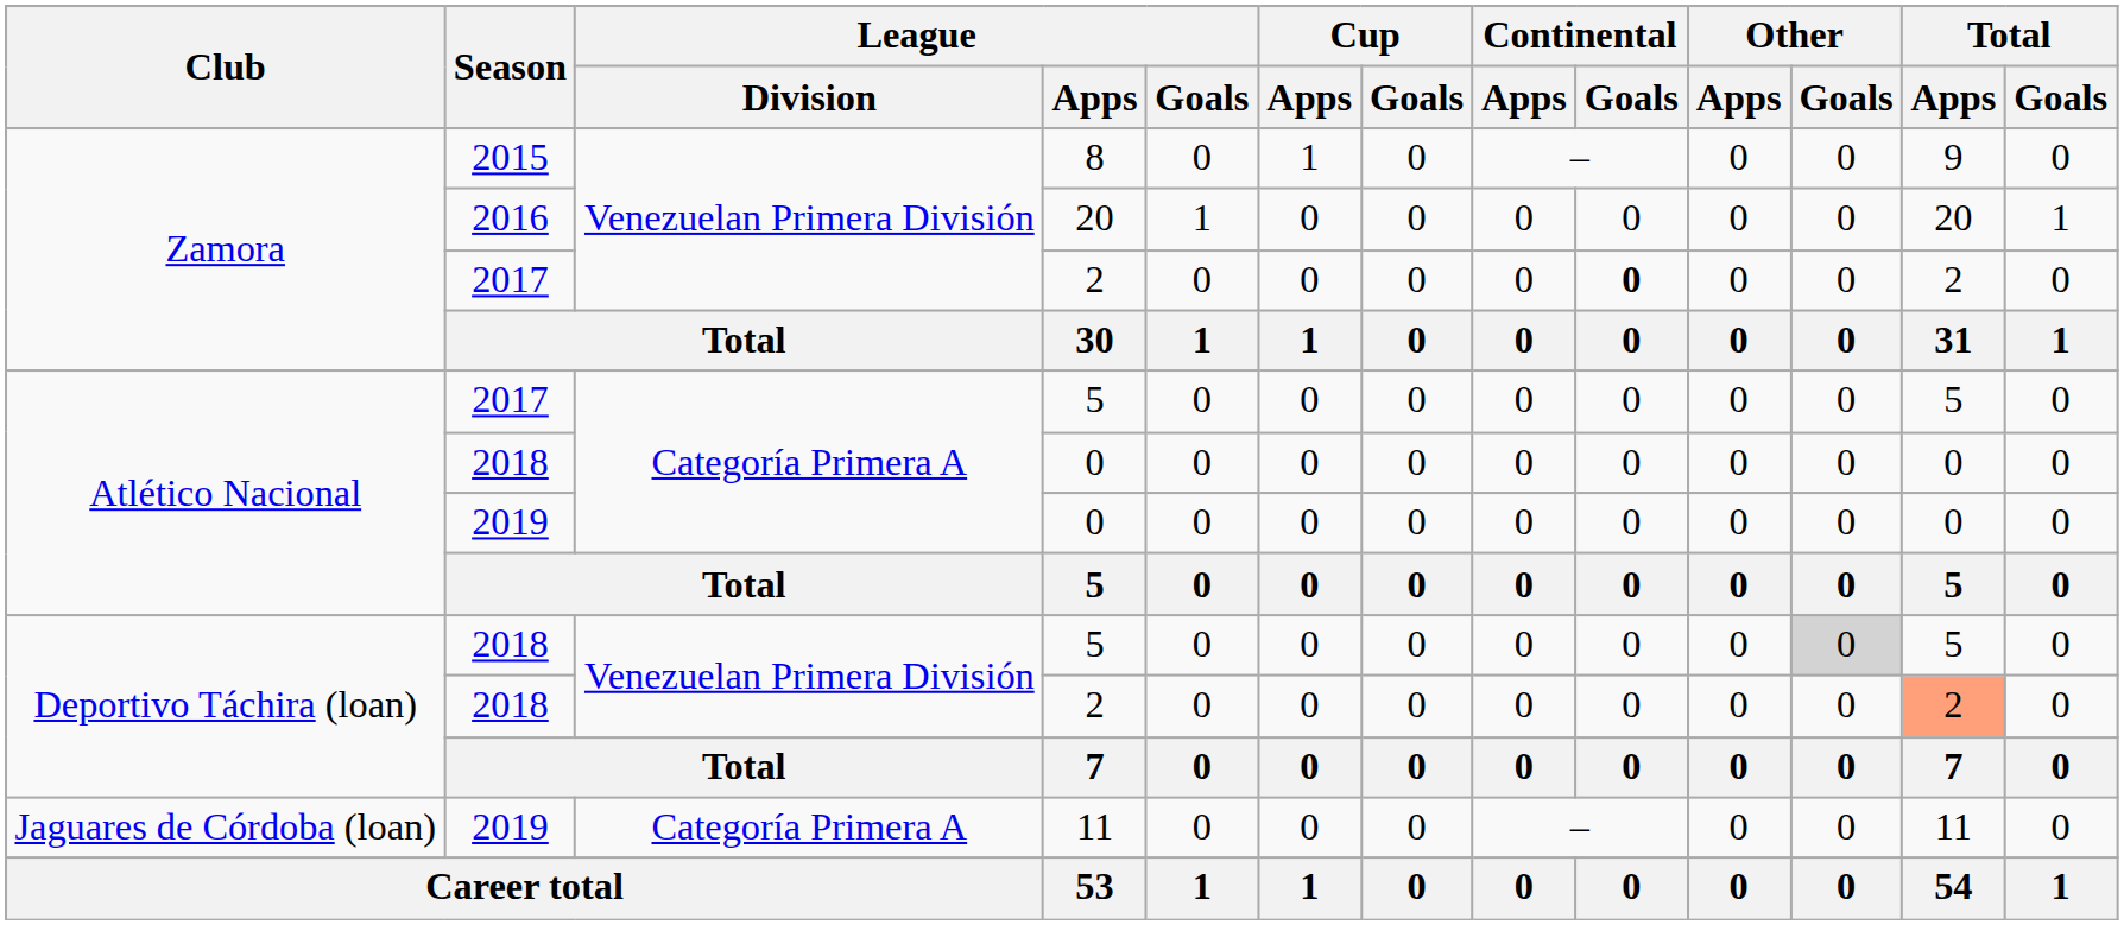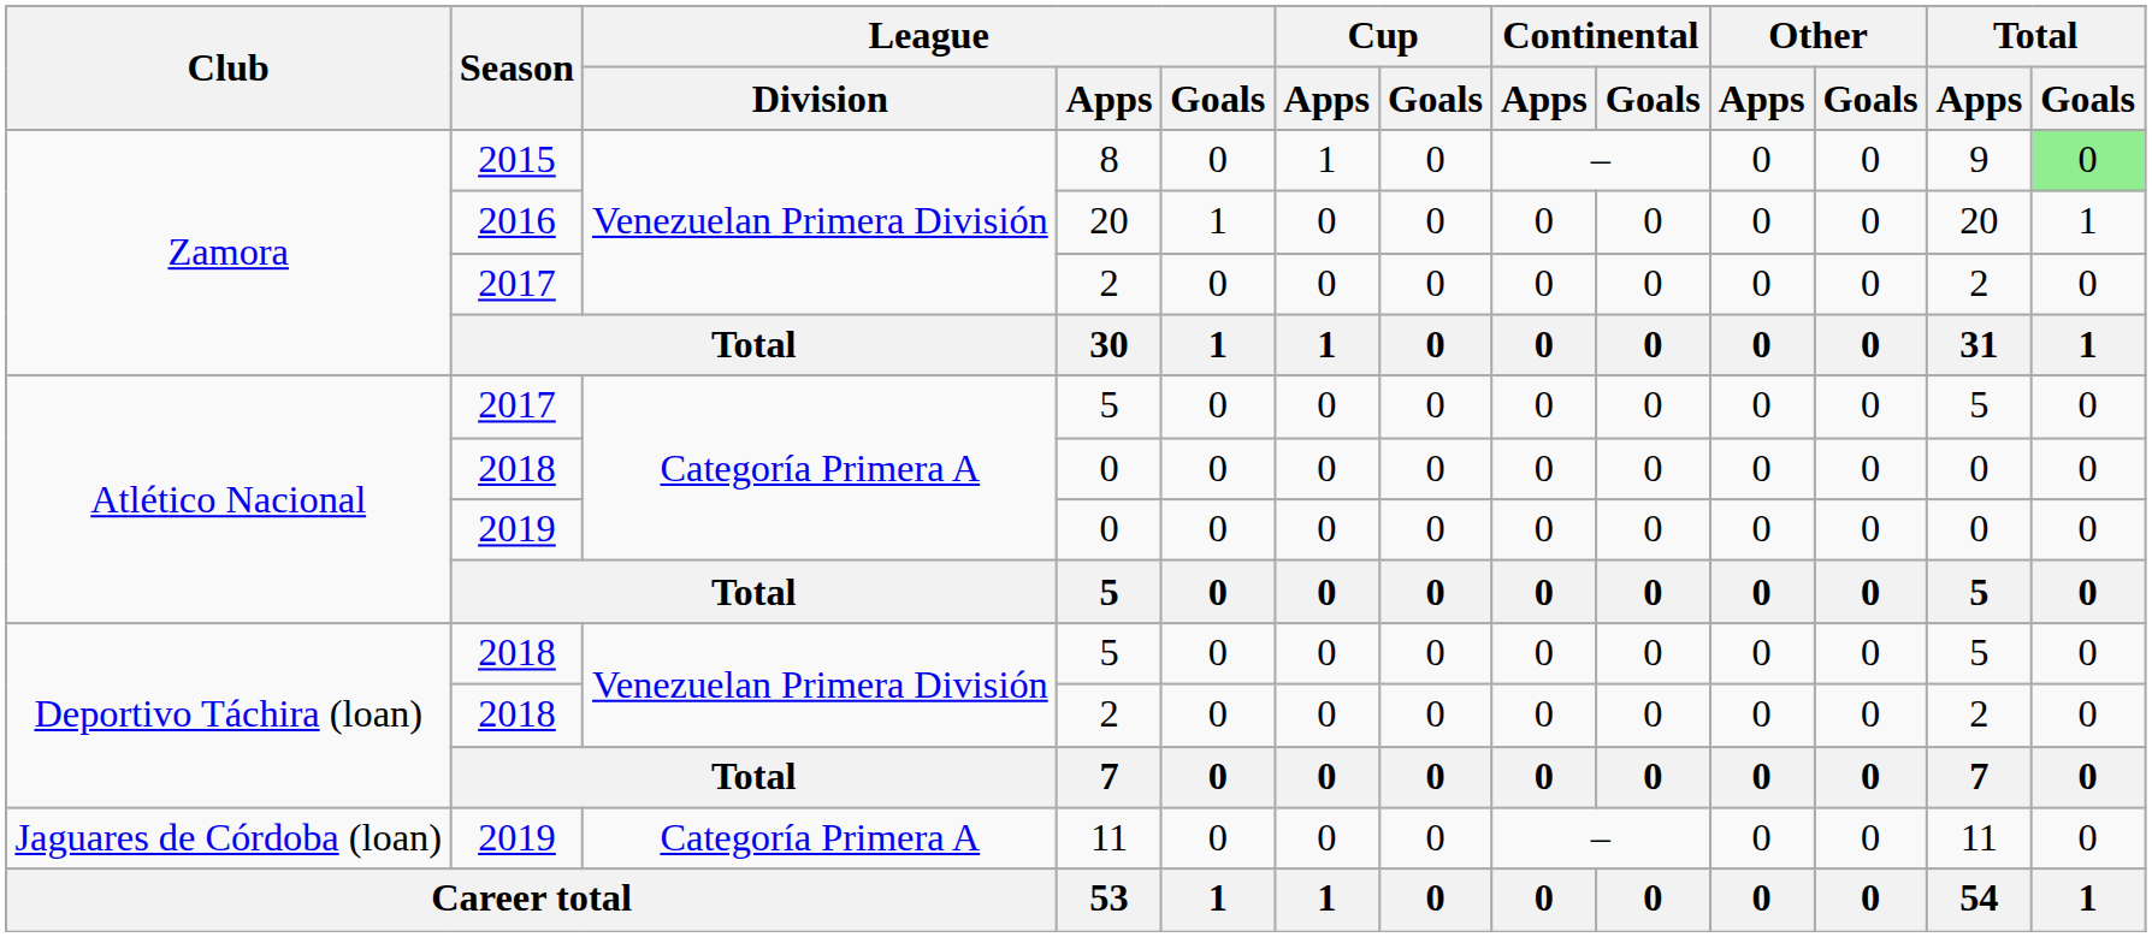 <table class="wikitable" style="text-align: center">
 <tr>
 <th rowspan="2">Club</th>
 <th rowspan="2">Season</th>
 <th colspan="3">League</th>
 <th colspan="2">Cup</th>
 <th colspan="2">Continental</th>
 <th colspan="2">Other</th>
 <th colspan="2">Total</th>
 </tr>
 <tr>
 <th>Division</th>
 <th>Apps</th>
 <th>Goals</th>
 <th>Apps</th>
 <th>Goals</th>
 <th>Apps</th>
 <th>Goals</th>
 <th>Apps</th>
 <th>Goals</th>
 <th>Apps</th>
 <th>Goals</th>
 </tr>
 <tr>
 <td rowspan="4"><a href='#'>Zamora</a></td>
 <td><a href='#'>2015</a></td>
 <td rowspan="3"><a href='#'>Venezuelan Primera División</a></td>
 <td>8</td>
 <td>0</td>
 <td>1</td>
 <td>0</td>
 <td colspan="2">–</td>
 <td>0</td>
 <td>0</td>
 <td>9</td>
-<td>0</td>
+<td style="background: lightgreen;">0</td>
 </tr>
 <tr>
 <td><a href='#'>2016</a></td>
 <td>20</td>
 <td>1</td>
 <td>0</td>
 <td>0</td>
 <td>0</td>
 <td>0</td>
 <td>0</td>
 <td>0</td>
 <td>20</td>
 <td>1</td>
 </tr>
 <tr>
 <td><a href='#'>2017</a></td>
 <td>2</td>
 <td>0</td>
 <td>0</td>
 <td>0</td>
 <td>0</td>
-<td><strong>0</strong></td>
+<td>0</td>
 <td>0</td>
 <td>0</td>
 <td>2</td>
 <td>0</td>
 </tr>
 <tr>
 <th colspan="2"><strong>Total</strong></th>
 <th>30</th>
 <th>1</th>
 <th>1</th>
 <th>0</th>
 <th>0</th>
 <th>0</th>
 <th>0</th>
 <th>0</th>
 <th>31</th>
 <th>1</th>
 </tr>
 <tr>
 <td rowspan="4"><a href='#'>Atlético Nacional</a></td>
 <td><a href='#'>2017</a></td>
 <td rowspan="3"><a href='#'>Categoría Primera A</a></td>
 <td>5</td>
 <td>0</td>
 <td>0</td>
 <td>0</td>
 <td>0</td>
 <td>0</td>
 <td>0</td>
 <td>0</td>
 <td>5</td>
 <td>0</td>
 </tr>
 <tr>
 <td><a href='#'>2018</a></td>
 <td>0</td>
 <td>0</td>
 <td>0</td>
 <td>0</td>
 <td>0</td>
 <td>0</td>
 <td>0</td>
 <td>0</td>
 <td>0</td>
 <td>0</td>
 </tr>
 <tr>
 <td><a href='#'>2019</a></td>
 <td>0</td>
 <td>0</td>
 <td>0</td>
 <td>0</td>
 <td>0</td>
 <td>0</td>
 <td>0</td>
 <td>0</td>
 <td>0</td>
 <td>0</td>
 </tr>
 <tr>
 <th colspan="2"><strong>Total</strong></th>
 <th>5</th>
 <th>0</th>
 <th>0</th>
 <th>0</th>
 <th>0</th>
 <th>0</th>
 <th>0</th>
 <th>0</th>
 <th>5</th>
 <th>0</th>
 </tr>
 <tr>
 <td rowspan="3"><a href='#'>Deportivo Táchira</a> (loan)</td>
 <td><a href='#'>2018</a></td>
 <td rowspan="2"><a href='#'>Venezuelan Primera División</a></td>
 <td>5</td>
 <td>0</td>
 <td>0</td>
 <td>0</td>
 <td>0</td>
 <td>0</td>
 <td>0</td>
-<td style="background: lightgrey;">0</td>
+<td>0</td>
 <td>5</td>
 <td>0</td>
 </tr>
 <tr>
 <td><a href='#'>2018</a></td>
 <td>2</td>
 <td>0</td>
 <td>0</td>
 <td>0</td>
 <td>0</td>
 <td>0</td>
 <td>0</td>
 <td>0</td>
-<td style="background: lightsalmon;">2</td>
+<td>2</td>
 <td>0</td>
 </tr>
 <tr>
 <th colspan="2"><strong>Total</strong></th>
 <th>7</th>
 <th>0</th>
 <th>0</th>
 <th>0</th>
 <th>0</th>
 <th>0</th>
 <th>0</th>
 <th>0</th>
 <th>7</th>
 <th>0</th>
 </tr>
 <tr>
 <td><a href='#'>Jaguares de Córdoba</a> (loan)</td>
 <td><a href='#'>2019</a></td>
 <td><a href='#'>Categoría Primera A</a></td>
 <td>11</td>
 <td>0</td>
 <td>0</td>
 <td>0</td>
 <td colspan="2">–</td>
 <td>0</td>
 <td>0</td>
 <td>11</td>
 <td>0</td>
 </tr>
 <tr>
 <th colspan="3"><strong>Career total</strong></th>
 <th>53</th>
 <th>1</th>
 <th>1</th>
 <th>0</th>
 <th>0</th>
 <th>0</th>
 <th>0</th>
 <th>0</th>
 <th>54</th>
 <th>1</th>
 </tr>
 </table>
